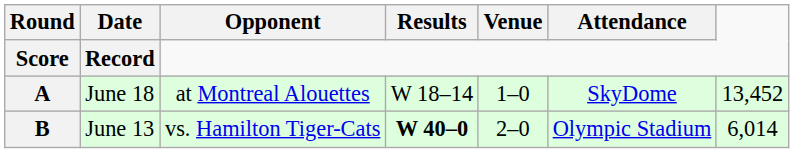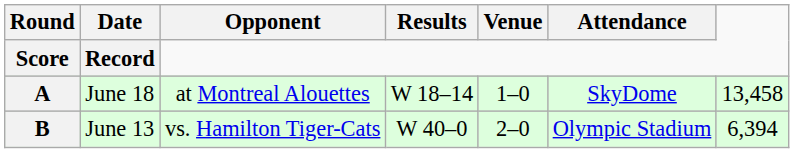 <table class="wikitable" style="text-align:center">
 <tr>
 <th>Round</th>
 <th>Date</th>
 <th>Opponent</th>
 <th>Results</th>
 <th>Venue</th>
 <th>Attendance</th>
 </tr>
 <tr>
 <th>Score</th>
 <th>Record</th>
 </tr>
 <tr style="background:#ddffdd">
 <th>A</th>
 <td>June 18</td>
 <td>at <a href='#'>Montreal Alouettes</a></td>
 <td>W 18–14</td>
 <td>1–0</td>
 <td><a href='#'>SkyDome</a></td>
-<td>13,452</td>
+<td>13,458</td>
 </tr>
 <tr style="background:#ddffdd">
 <th>B</th>
 <td>June 13</td>
 <td>vs. <a href='#'>Hamilton Tiger-Cats</a></td>
-<td><strong>W 40–0</strong></td>
+<td>W 40–0</td>
 <td>2–0</td>
 <td><a href='#'>Olympic Stadium</a></td>
-<td>6,014</td>
+<td>6,394</td>
 </tr>
 </table>
